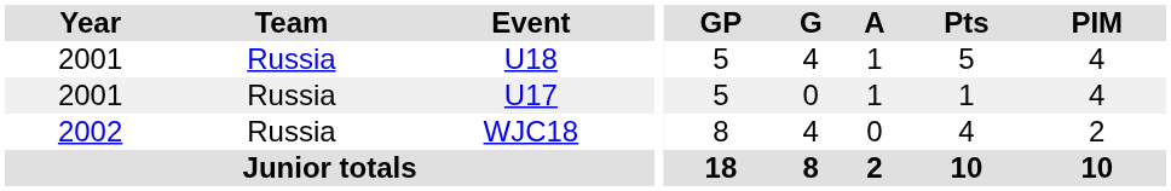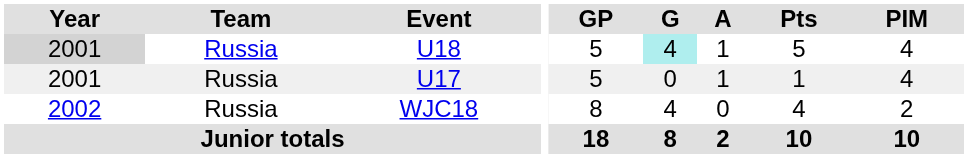 <table border="0" cellpadding="1" cellspacing="0" ID="Table3" style="text-align:center; width:40em">
 <tr ALIGN="center" bgcolor="#e0e0e0">
 <th>Year</th>
 <th>Team</th>
 <th>Event</th>
 <th rowspan="99" bgcolor="#ffffff"></th>
 <th>GP</th>
 <th>G</th>
 <th>A</th>
 <th>Pts</th>
 <th>PIM</th>
 </tr>
 <tr>
-<td>2001</td>
+<td style="background: lightgrey;">2001</td>
 <td><a href='#'>Russia</a></td>
 <td><a href='#'>U18</a></td>
 <td>5</td>
-<td>4</td>
+<td style="background: paleturquoise;">4</td>
 <td>1</td>
 <td>5</td>
 <td>4</td>
 </tr>
 <tr bgcolor="#f0f0f0">
 <td>2001</td>
 <td>Russia</td>
 <td><a href='#'>U17</a></td>
 <td>5</td>
 <td>0</td>
 <td>1</td>
 <td>1</td>
 <td>4</td>
 </tr>
 <tr>
 <td><a href='#'>2002</a></td>
 <td>Russia</td>
 <td><a href='#'>WJC18</a></td>
 <td>8</td>
 <td>4</td>
 <td>0</td>
 <td>4</td>
 <td>2</td>
 </tr>
 <tr bgcolor="#e0e0e0">
 <th colspan="3">Junior totals</th>
 <th>18</th>
 <th>8</th>
 <th>2</th>
 <th>10</th>
 <th>10</th>
 </tr>
 </table>
